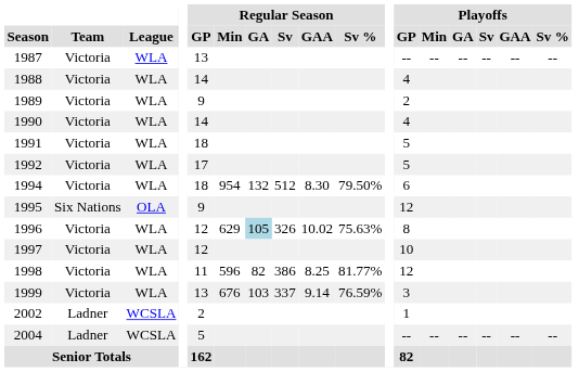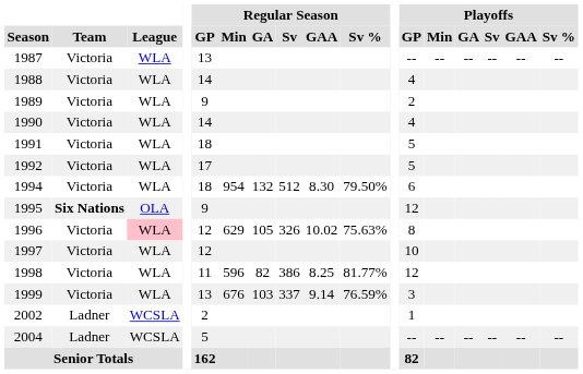 <table BORDER="0" CELLPADDING="3" CELLSPACING="0">
 <tr ALIGN="center" bgcolor="#e0e0e0">
 <th colspan="3" bgcolor="#ffffff"> </th>
 <th rowspan="99" bgcolor="#ffffff"> </th>
 <th colspan="6">Regular Season</th>
 <th rowspan="99" bgcolor="#ffffff"> </th>
 <th colspan="6">Playoffs</th>
 </tr>
 <tr ALIGN="center" bgcolor="#e0e0e0">
 <th>Season</th>
 <th>Team</th>
 <th>League</th>
 <th>GP</th>
 <th>Min</th>
 <th>GA</th>
 <th>Sv</th>
 <th>GAA</th>
 <th>Sv %</th>
 <th>GP</th>
 <th>Min</th>
 <th>GA</th>
 <th>Sv</th>
 <th>GAA</th>
 <th>Sv %</th>
 </tr>
 <tr ALIGN="center">
 <td>1987</td>
 <td>Victoria</td>
 <td><a href='#'>WLA</a></td>
 <td>13</td>
 <td></td>
 <td></td>
 <td></td>
 <td></td>
 <td></td>
 <td>--</td>
 <td>--</td>
 <td>--</td>
 <td>--</td>
 <td>--</td>
 <td>--</td>
 </tr>
 <tr ALIGN="center" bgcolor="#f0f0f0">
 <td>1988</td>
 <td>Victoria</td>
 <td>WLA</td>
 <td>14</td>
 <td></td>
 <td></td>
 <td></td>
 <td></td>
 <td></td>
 <td>4</td>
 <td></td>
 <td></td>
 <td></td>
 <td></td>
 <td></td>
 </tr>
 <tr ALIGN="center">
 <td>1989</td>
 <td>Victoria</td>
 <td>WLA</td>
 <td>9</td>
 <td></td>
 <td></td>
 <td></td>
 <td></td>
 <td></td>
 <td>2</td>
 <td></td>
 <td></td>
 <td></td>
 <td></td>
 <td></td>
 </tr>
 <tr ALIGN="center" bgcolor="#f0f0f0">
 <td>1990</td>
 <td>Victoria</td>
 <td>WLA</td>
 <td>14</td>
 <td></td>
 <td></td>
 <td></td>
 <td></td>
 <td></td>
 <td>4</td>
 <td></td>
 <td></td>
 <td></td>
 <td></td>
 <td></td>
 </tr>
 <tr ALIGN="center">
 <td>1991</td>
 <td>Victoria</td>
 <td>WLA</td>
 <td>18</td>
 <td></td>
 <td></td>
 <td></td>
 <td></td>
 <td></td>
 <td>5</td>
 <td></td>
 <td></td>
 <td></td>
 <td></td>
 <td></td>
 </tr>
 <tr ALIGN="center" bgcolor="#f0f0f0">
 <td>1992</td>
 <td>Victoria</td>
 <td>WLA</td>
 <td>17</td>
 <td></td>
 <td></td>
 <td></td>
 <td></td>
 <td></td>
 <td>5</td>
 <td></td>
 <td></td>
 <td></td>
 <td></td>
 <td></td>
 </tr>
 <tr ALIGN="center">
 <td>1994</td>
 <td>Victoria</td>
 <td>WLA</td>
 <td>18</td>
 <td>954</td>
 <td>132</td>
 <td>512</td>
 <td>8.30</td>
 <td>79.50%</td>
 <td>6</td>
 <td></td>
 <td></td>
 <td></td>
 <td></td>
 <td></td>
 </tr>
 <tr ALIGN="center" bgcolor="#f0f0f0">
 <td>1995</td>
-<td>Six Nations</td>
+<td><strong>Six Nations</strong></td>
 <td><a href='#'>OLA</a></td>
 <td>9</td>
 <td></td>
 <td></td>
 <td></td>
 <td></td>
 <td></td>
 <td>12</td>
 <td></td>
 <td></td>
 <td></td>
 <td></td>
 <td></td>
 </tr>
 <tr ALIGN="center">
 <td>1996</td>
 <td>Victoria</td>
-<td>WLA</td>
+<td style="background: pink;">WLA</td>
 <td>12</td>
 <td>629</td>
-<td style="background: lightblue;">105</td>
+<td>105</td>
 <td>326</td>
 <td>10.02</td>
 <td>75.63%</td>
 <td>8</td>
 <td></td>
 <td></td>
 <td></td>
 <td></td>
 <td></td>
 </tr>
 <tr ALIGN="center" bgcolor="#f0f0f0">
 <td>1997</td>
 <td>Victoria</td>
 <td>WLA</td>
 <td>12</td>
 <td></td>
 <td></td>
 <td></td>
 <td></td>
 <td></td>
 <td>10</td>
 <td></td>
 <td></td>
 <td></td>
 <td></td>
 <td></td>
 </tr>
 <tr ALIGN="center">
 <td>1998</td>
 <td>Victoria</td>
 <td>WLA</td>
 <td>11</td>
 <td>596</td>
 <td>82</td>
 <td>386</td>
 <td>8.25</td>
 <td>81.77%</td>
 <td>12</td>
 <td></td>
 <td></td>
 <td></td>
 <td></td>
 <td></td>
 </tr>
 <tr ALIGN="center" bgcolor="#f0f0f0">
 <td>1999</td>
 <td>Victoria</td>
 <td>WLA</td>
 <td>13</td>
 <td>676</td>
 <td>103</td>
 <td>337</td>
 <td>9.14</td>
 <td>76.59%</td>
 <td>3</td>
 <td></td>
 <td></td>
 <td></td>
 <td></td>
 <td></td>
 </tr>
 <tr ALIGN="center">
 <td>2002</td>
 <td>Ladner</td>
 <td><a href='#'>WCSLA</a></td>
 <td>2</td>
 <td></td>
 <td></td>
 <td></td>
 <td></td>
 <td></td>
 <td>1</td>
 <td></td>
 <td></td>
 <td></td>
 <td></td>
 <td></td>
 </tr>
 <tr ALIGN="center" bgcolor="#f0f0f0">
 <td>2004</td>
 <td>Ladner</td>
 <td>WCSLA</td>
 <td>5</td>
 <td></td>
 <td></td>
 <td></td>
 <td></td>
 <td></td>
 <td>--</td>
 <td>--</td>
 <td>--</td>
 <td>--</td>
 <td>--</td>
 <td>--</td>
 </tr>
 <tr ALIGN="center" bgcolor="#e0e0e0">
 <th colspan="3">Senior Totals</th>
 <th>162</th>
 <th></th>
 <th></th>
 <th></th>
 <th></th>
 <th></th>
 <th>82</th>
 <th></th>
 <th></th>
 <th></th>
 <th></th>
 <th></th>
 </tr>
 </table>
